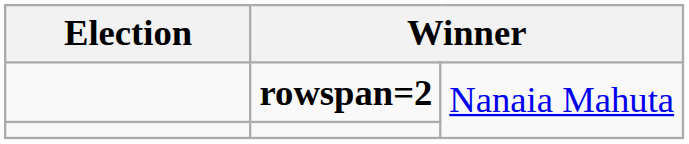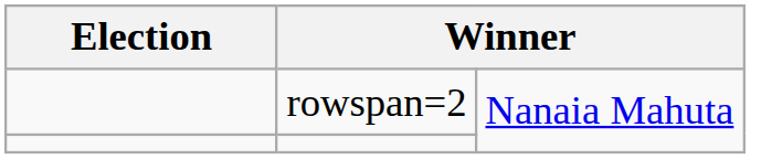 <table class=wikitable>
 <tr>
 <th width=100>Election</th>
 <th width=175 colspan=2>Winner</th>
 </tr>
 <tr>
 <td></td>
-<td><strong>rowspan=2 </strong></td>
+<td>rowspan=2 </td>
 <td rowspan=2><a href='#'>Nanaia Mahuta</a></td>
 </tr>
 <tr>
 <td></td>
 </tr>
 </table>
